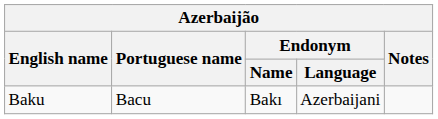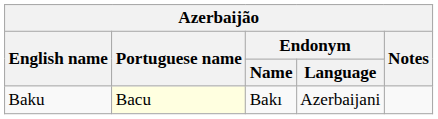 <table class="wikitable sortable">
 <tr>
 <th colspan="5"> Azerbaijão</th>
 </tr>
 <tr>
 <th rowspan="2">English name</th>
 <th rowspan="2">Portuguese name</th>
 <th colspan="2">Endonym</th>
 <th rowspan="2">Notes</th>
 </tr>
 <tr>
 <th>Name</th>
 <th>Language</th>
 </tr>
 <tr>
 <td>Baku</td>
-<td>Bacu</td>
+<td style="background: lightyellow;">Bacu</td>
 <td>Bakı</td>
 <td>Azerbaijani</td>
 <td></td>
 </tr>
 </table>
